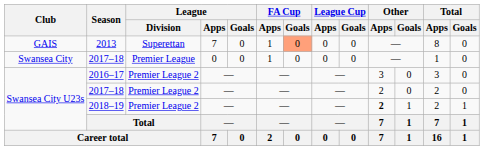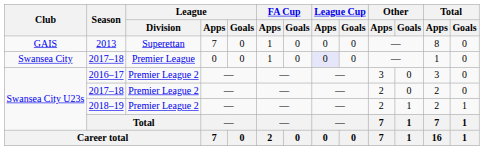 <table class="wikitable" style="text-align:center">
 <tr>
 <th rowspan="2">Club</th>
 <th rowspan="2">Season</th>
 <th colspan="3">League</th>
 <th colspan="2"><a href='#'>FA Cup</a></th>
 <th colspan="2"><a href='#'>League Cup</a></th>
 <th colspan="2">Other</th>
 <th colspan="2">Total</th>
 </tr>
 <tr>
 <th>Division</th>
 <th>Apps</th>
 <th>Goals</th>
 <th>Apps</th>
 <th>Goals</th>
 <th>Apps</th>
 <th>Goals</th>
 <th>Apps</th>
 <th>Goals</th>
 <th>Apps</th>
 <th>Goals</th>
 </tr>
 <tr>
 <td><a href='#'>GAIS</a></td>
 <td><a href='#'>2013</a></td>
 <td><a href='#'>Superettan</a></td>
 <td>7</td>
 <td>0</td>
 <td>1</td>
-<td style="background: lightsalmon;">0</td>
+<td>0</td>
 <td>0</td>
 <td>0</td>
 <td colspan="2">—</td>
 <td>8</td>
 <td>0</td>
 </tr>
 <tr>
 <td><a href='#'>Swansea City</a></td>
 <td><a href='#'>2017–18</a></td>
 <td><a href='#'>Premier League</a></td>
 <td>0</td>
 <td>0</td>
 <td>1</td>
 <td>0</td>
-<td>0</td>
+<td style="background: lavender;">0</td>
 <td>0</td>
 <td colspan="2">—</td>
 <td>1</td>
 <td>0</td>
 </tr>
 <tr>
 <td rowspan=4><a href='#'>Swansea City U23s</a></td>
 <td><a href='#'>2016–17</a></td>
 <td><a href='#'>Premier League 2</a></td>
 <td colspan="2">—</td>
 <td colspan="2">—</td>
 <td colspan="2">—</td>
 <td>3</td>
 <td>0</td>
 <td>3</td>
 <td>0</td>
 </tr>
 <tr>
 <td><a href='#'>2017–18</a></td>
 <td><a href='#'>Premier League 2</a></td>
 <td colspan="2">—</td>
 <td colspan="2">—</td>
 <td colspan="2">—</td>
 <td>2</td>
 <td>0</td>
 <td>2</td>
 <td>0</td>
 </tr>
 <tr>
 <td><a href='#'>2018–19</a></td>
 <td><a href='#'>Premier League 2</a></td>
 <td colspan="2">—</td>
 <td colspan="2">—</td>
 <td colspan="2">—</td>
-<td><strong>2</strong></td>
+<td>2</td>
 <td>1</td>
 <td>2</td>
 <td>1</td>
 </tr>
 <tr>
 <th colspan="2">Total</th>
 <th colspan="2">—</th>
 <th colspan="2">—</th>
 <th colspan="2">—</th>
 <th>7</th>
 <th>1</th>
 <th>7</th>
 <th>1</th>
 </tr>
 <tr>
 <th colspan="3">Career total</th>
 <th>7</th>
 <th>0</th>
 <th>2</th>
 <th>0</th>
 <th>0</th>
 <th>0</th>
 <th>7</th>
 <th>1</th>
 <th>16</th>
 <th>1</th>
 </tr>
 </table>
